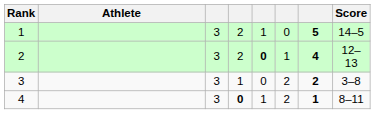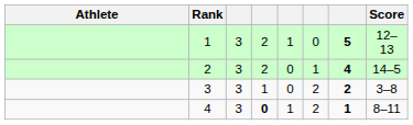 <table class="wikitable" style="text-align: center;">
 <tr>
+<th width=225>Athlete</th>
 <th width=25>Rank</th>
-<th width=225>Athlete</th>
 <th width=25></th>
 <th width=25></th>
 <th width=25></th>
 <th width=25></th>
 <th width=40></th>
 <th width=40>Score</th>
 </tr>
 <tr bgcolor=ccffcc>
+<td align=left></td>
 <td>1</td>
-<td align=left></td>
 <td>3</td>
 <td>2</td>
 <td>1</td>
 <td>0</td>
 <td><strong>5</strong></td>
+<td>12–13</td>
+</tr>
+<tr bgcolor=ccffcc>
+<td align=left></td>
+<td>2</td>
+<td>3</td>
+<td>2</td>
+<td>0</td>
+<td>1</td>
+<td><strong>4</strong></td>
 <td>14–5</td>
 </tr>
-<tr bgcolor=ccffcc>
-<td>2</td>
+<tr>
 <td align=left></td>
 <td>3</td>
-<td>2</td>
-<td><strong>0</strong></td>
-<td>1</td>
-<td><strong>4</strong></td>
-<td>12–13</td>
-</tr>
-<tr>
-<td>3</td>
-<td align=left></td>
 <td>3</td>
 <td>1</td>
 <td>0</td>
 <td>2</td>
 <td><strong>2</strong></td>
 <td>3–8</td>
 </tr>
 <tr>
+<td align=left></td>
 <td>4</td>
-<td align=left></td>
 <td>3</td>
 <td><strong>0</strong></td>
 <td>1</td>
 <td>2</td>
 <td><strong>1</strong></td>
 <td>8–11</td>
 </tr>
 </table>
